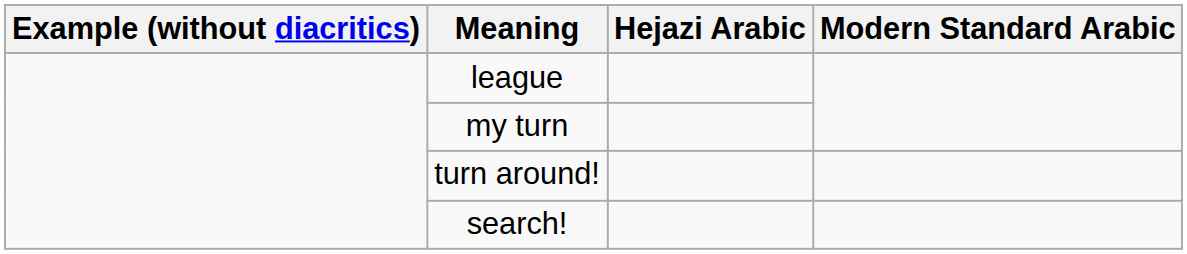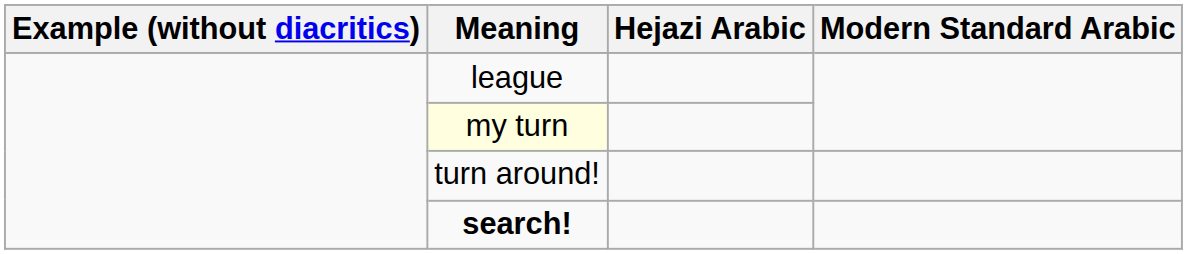 <table class="wikitable" style="text-align:center">
 <tr>
 <th>Example (without <a href='#'>diacritics</a>)</th>
 <th>Meaning</th>
 <th>Hejazi Arabic</th>
 <th>Modern Standard Arabic</th>
 </tr>
 <tr>
 <td rowspan="4"></td>
 <td>league</td>
 <td></td>
 <td rowspan="2"></td>
 </tr>
 <tr>
-<td>my turn</td>
+<td style="background: lightyellow;">my turn</td>
 <td></td>
 </tr>
 <tr>
 <td>turn around!</td>
 <td></td>
 <td></td>
 </tr>
 <tr>
-<td>search!</td>
+<td><strong>search!</strong></td>
 <td></td>
 <td></td>
 </tr>
 </table>
